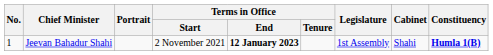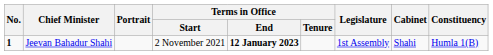 <table class="wikitable">
 <tr>
 <th rowspan="2" style="background-color:">No.</th>
 <th rowspan="2" style="background-color:">Chief Minister</th>
 <th rowspan="2" style="background-color:">Portrait</th>
 <th colspan="3" style="background-color:">Terms in Office</th>
 <th rowspan="2" style="background-color:">Legislature</th>
 <th rowspan="2" style="background-color:">Cabinet</th>
 <th rowspan="2" style="background-color:">Constituency</th>
 </tr>
 <tr>
 <th style="background-color:">Start</th>
 <th style="background-color:">End</th>
 <th style="background-color:">Tenure</th>
 </tr>
 <tr>
-<td>1</td>
+<td><strong>1</strong></td>
 <td><a href='#'>Jeevan Bahadur Shahi</a></td>
 <td></td>
 <td>2 November 2021</td>
 <td><strong>12 January 2023</strong></td>
 <td></td>
 <td><a href='#'>1st Assembly</a></td>
 <td><a href='#'>Shahi</a></td>
-<td><strong><a href='#'>Humla 1(B)</a></strong></td>
+<td><a href='#'>Humla 1(B)</a></td>
 </tr>
 </table>
